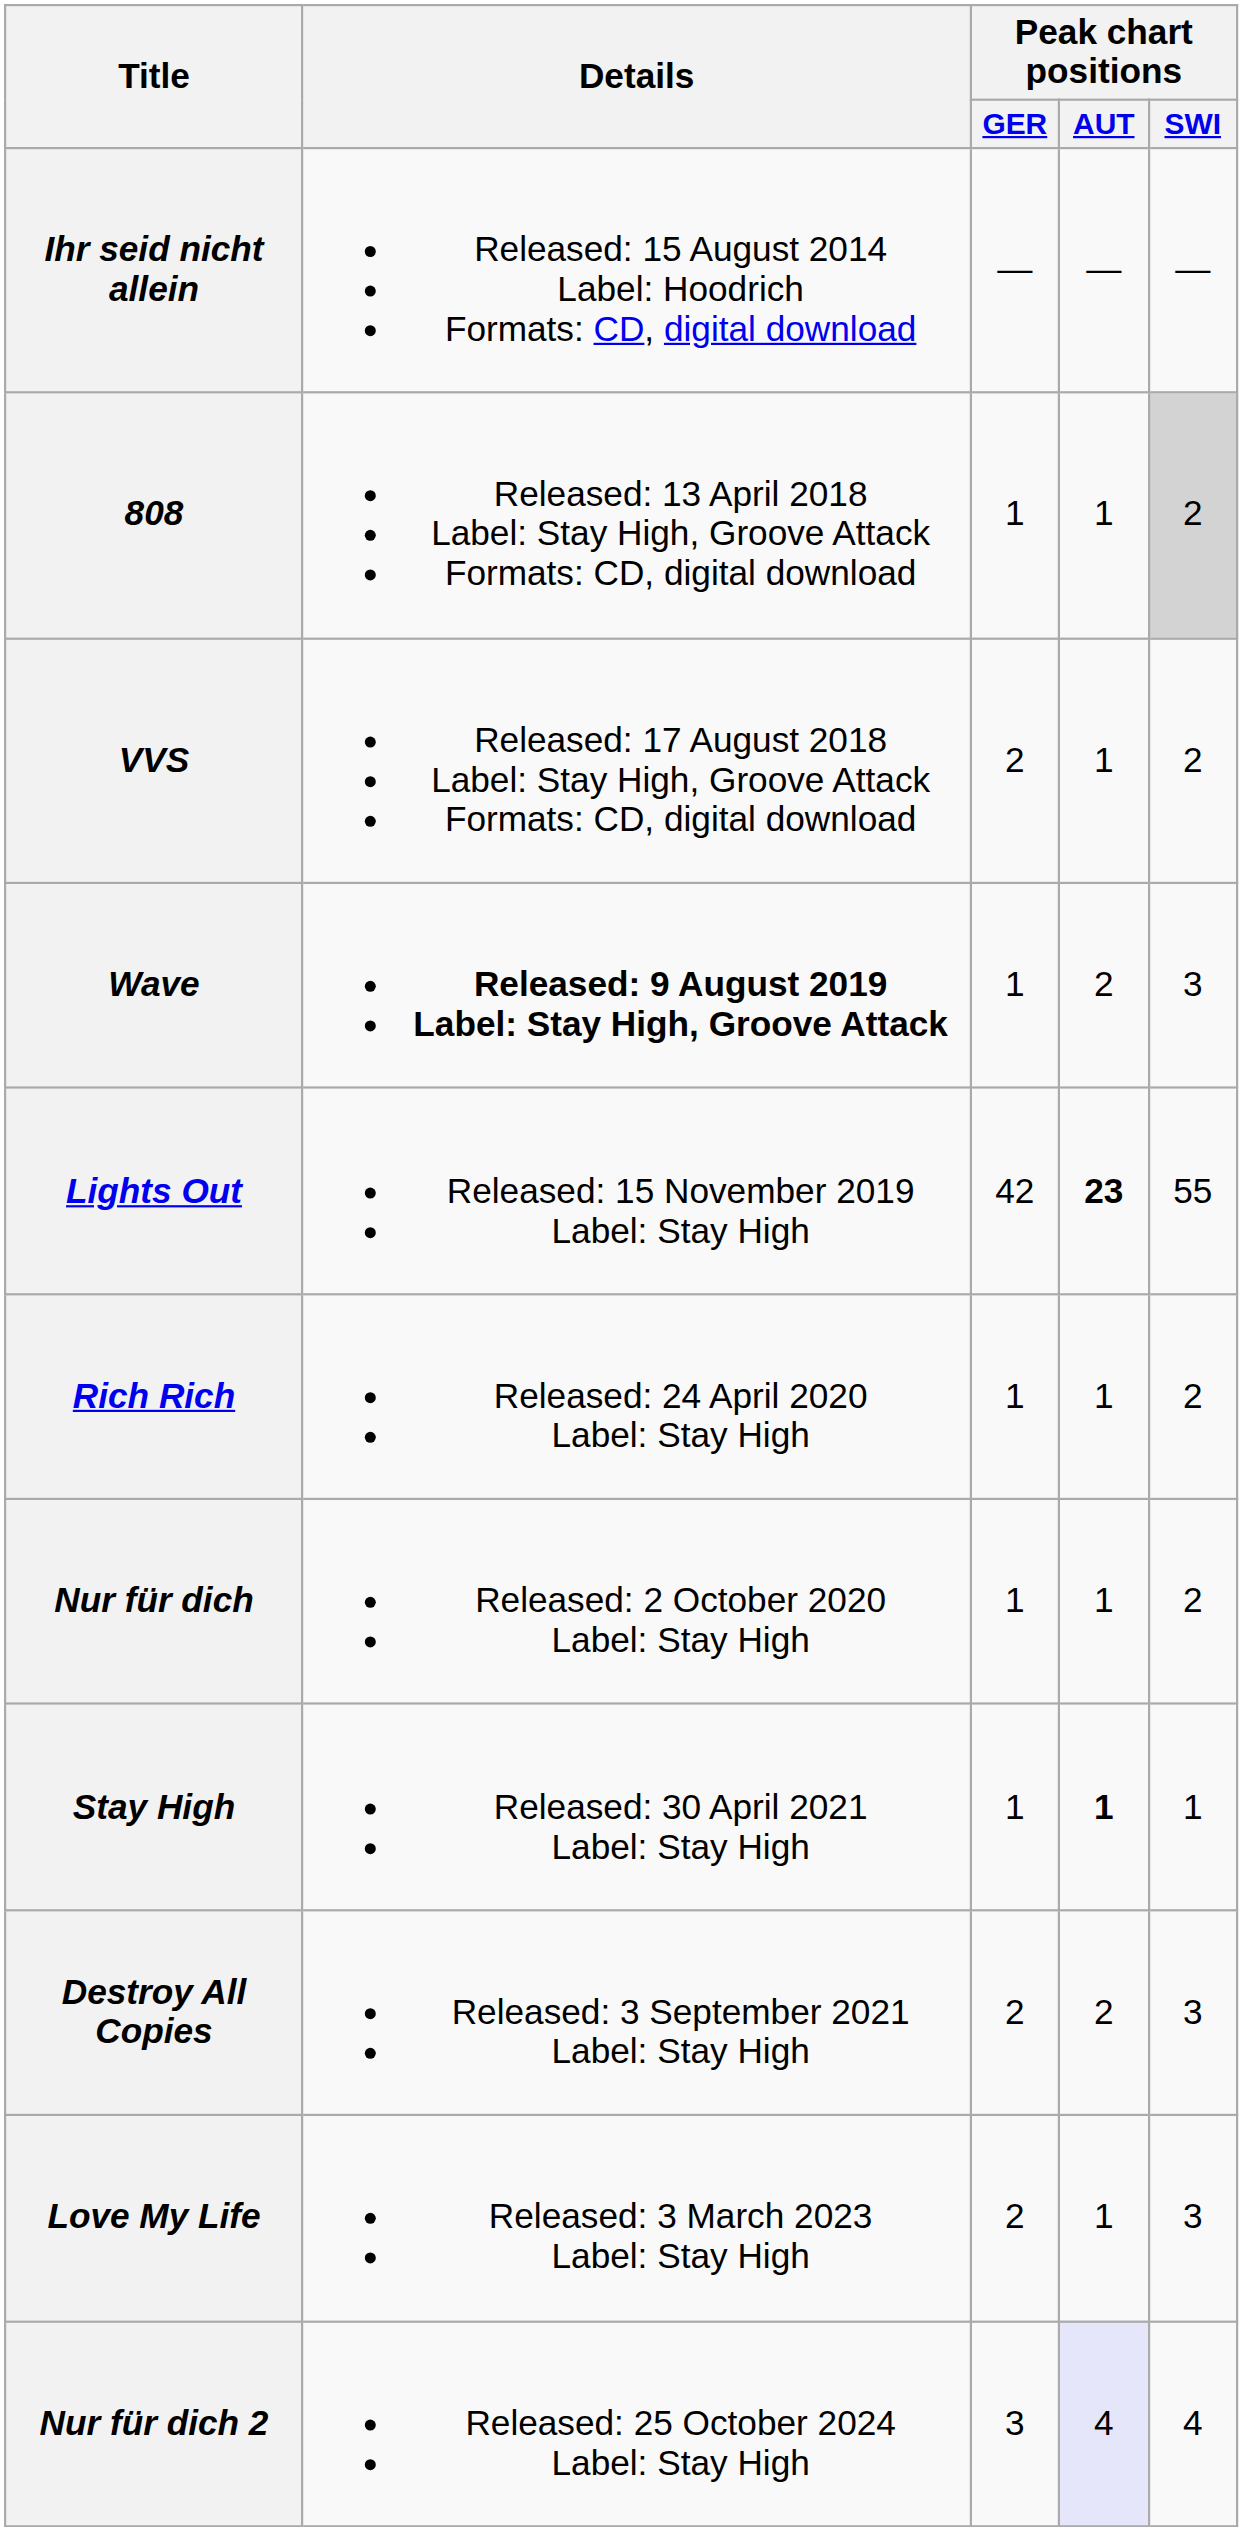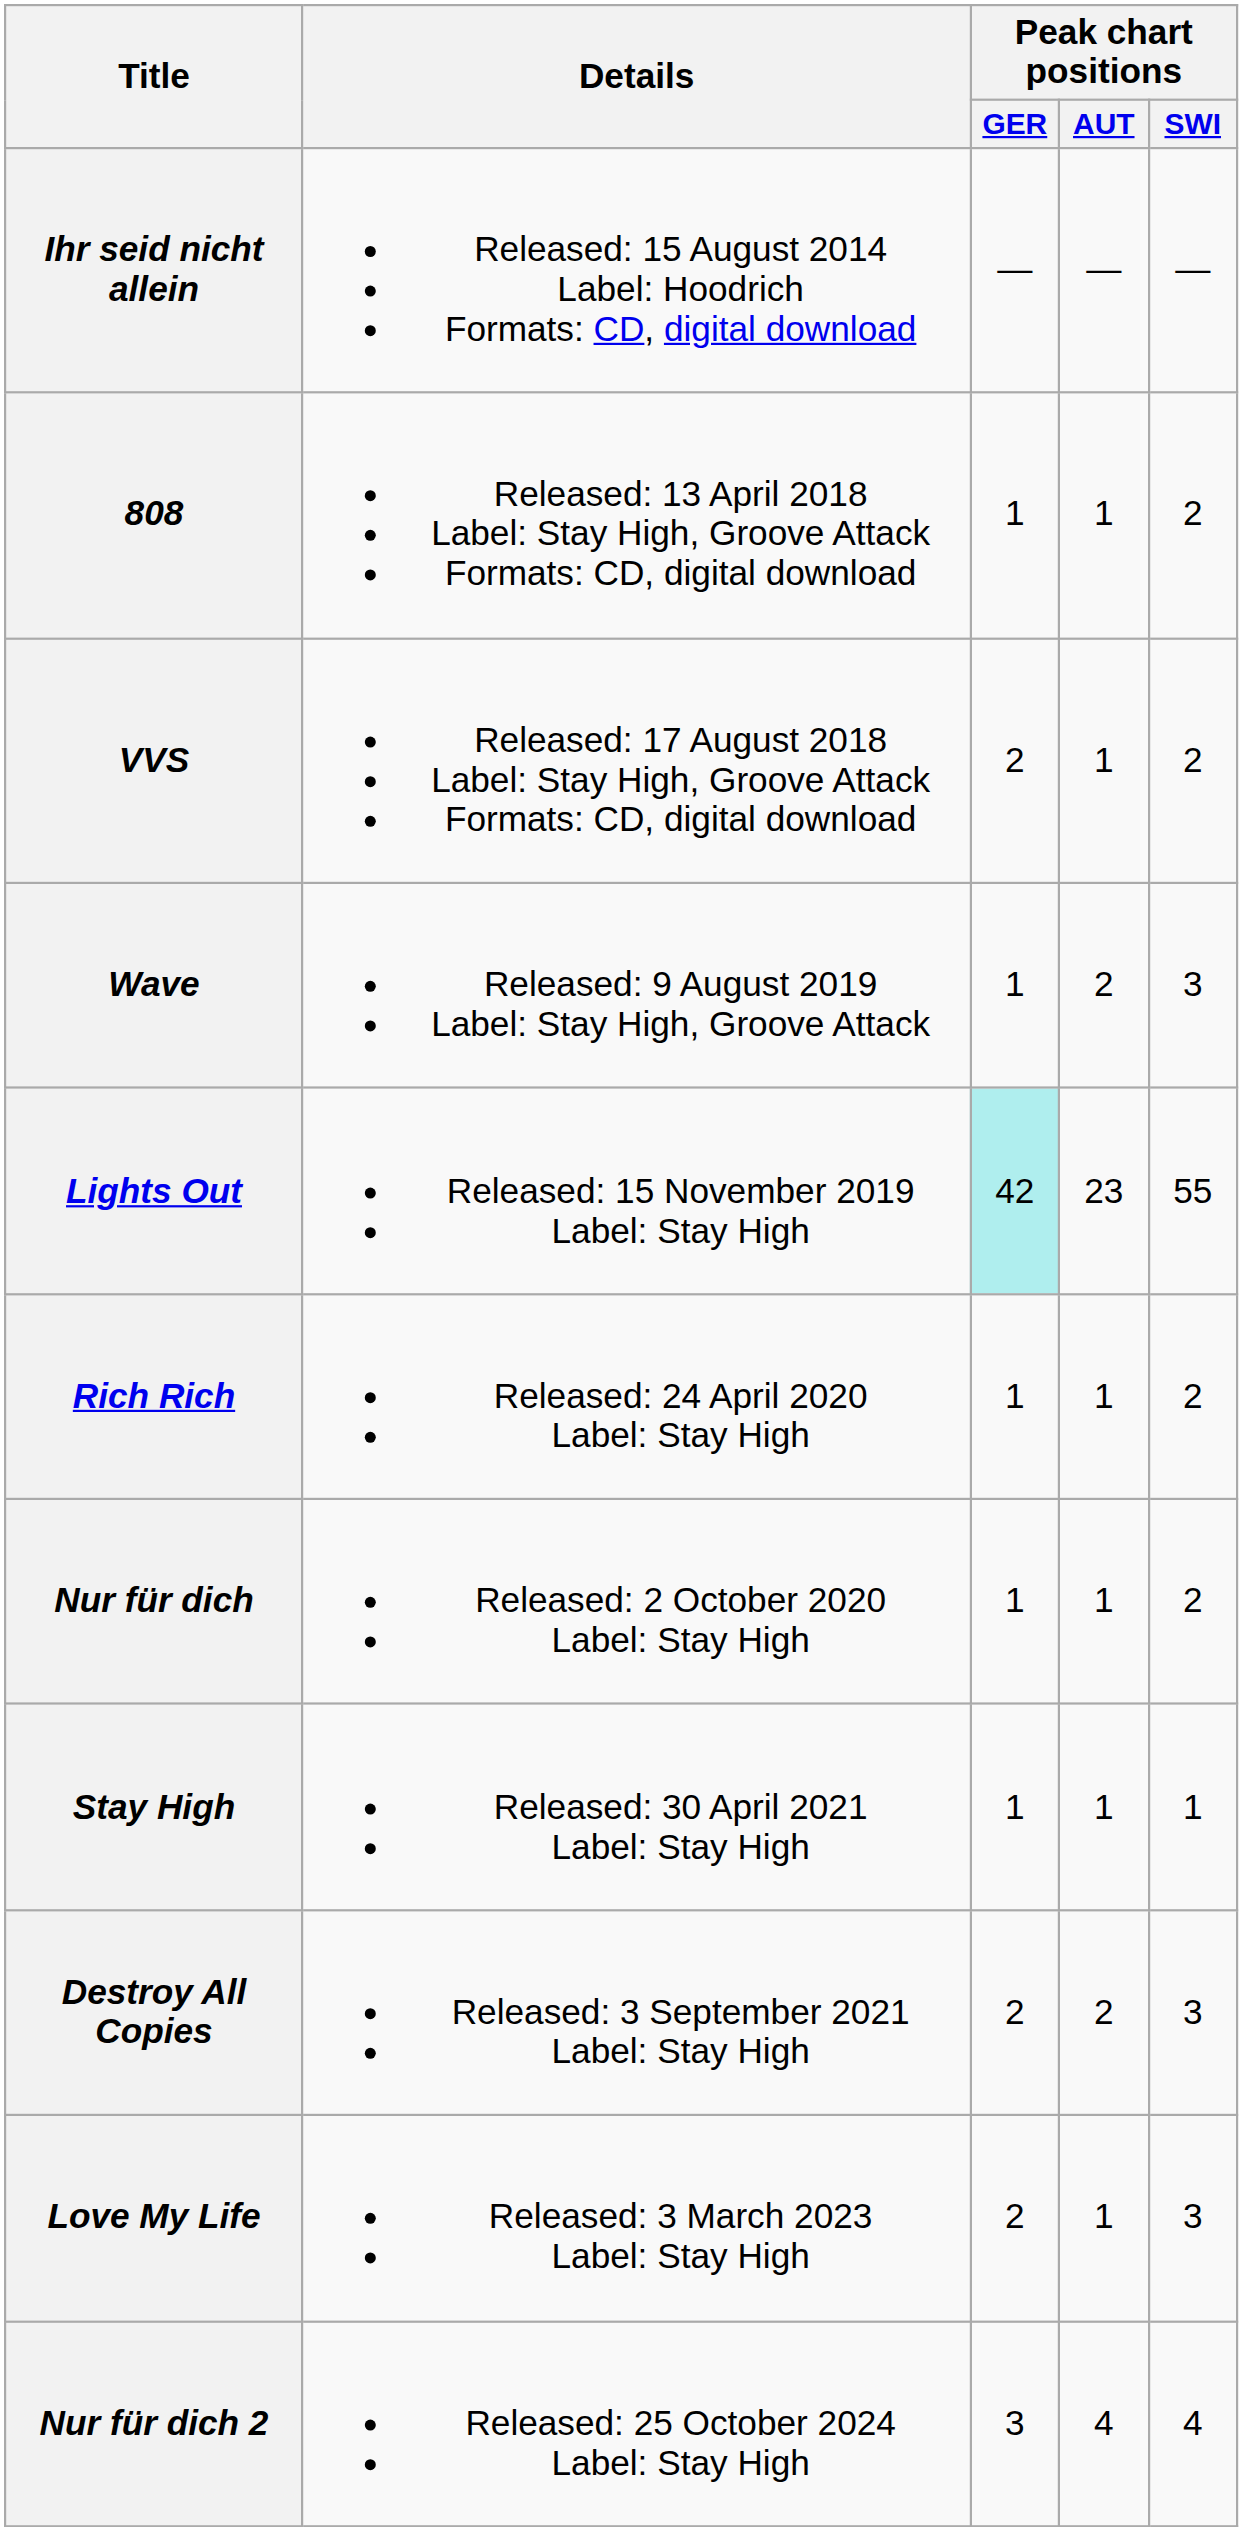 <table class="wikitable plainrowheaders" style="text-align:center;">
 <tr>
 <th scope="col" rowspan="2" style="width:8em;">Title</th>
 <th scope="col" rowspan="2" style="width:18.5em;">Details</th>
 <th scope="col" colspan="3">Peak chart positions</th>
 </tr>
 <tr>
 <th style="width:2.5em; font-size:85%"><a href='#'>GER</a><br></th>
 <th style="width:2.5em; font-size:85%"><a href='#'>AUT</a><br></th>
 <th style="width:2.5em; font-size:85%"><a href='#'>SWI</a><br></th>
 </tr>
 <tr>
 <th scope="row"><em>Ihr seid nicht allein</em></th>
 <td><br><ul><li>Released: 15 August 2014</li><li>Label: Hoodrich</li><li>Formats: <a href='#'>CD</a>, <a href='#'>digital download</a></li></ul></td>
 <td>—</td>
 <td>—</td>
 <td>—</td>
 </tr>
 <tr>
 <th scope="row"><em>808</em></th>
 <td><br><ul><li>Released: 13 April 2018</li><li>Label: Stay High, Groove Attack</li><li>Formats: CD, digital download</li></ul></td>
 <td>1</td>
 <td>1</td>
-<td style="background: lightgrey;">2</td>
+<td>2</td>
 </tr>
 <tr>
 <th scope="row"><em>VVS</em></th>
 <td><br><ul><li>Released: 17 August 2018</li><li>Label: Stay High, Groove Attack</li><li>Formats: CD, digital download</li></ul></td>
 <td>2</td>
 <td>1</td>
 <td>2</td>
 </tr>
 <tr>
 <th scope="row"><em>Wave</em></th>
-<td><strong><br><ul><li>Released: 9 August 2019</li><li>Label: Stay High, Groove Attack</li></ul></strong></td>
+<td><br><ul><li>Released: 9 August 2019</li><li>Label: Stay High, Groove Attack</li></ul></td>
 <td>1</td>
 <td>2</td>
 <td>3</td>
 </tr>
 <tr>
 <th scope="row"><em><a href='#'>Lights Out</a></em><br></th>
 <td><br><ul><li>Released: 15 November 2019</li><li>Label: Stay High</li></ul></td>
-<td>42</td>
-<td><strong>23</strong></td>
+<td style="background: paleturquoise;">42</td>
+<td>23</td>
 <td>55</td>
 </tr>
 <tr>
 <th scope="row"><em><a href='#'>Rich Rich</a></em></th>
 <td><br><ul><li>Released: 24 April 2020</li><li>Label: Stay High</li></ul></td>
 <td>1</td>
 <td>1</td>
 <td>2</td>
 </tr>
 <tr>
 <th scope="row"><em>Nur für dich</em><br></th>
 <td><br><ul><li>Released: 2 October 2020</li><li>Label: Stay High</li></ul></td>
 <td>1</td>
 <td>1</td>
 <td>2</td>
 </tr>
 <tr>
 <th scope="row"><em>Stay High</em></th>
 <td><br><ul><li>Released: 30 April 2021</li><li>Label: Stay High</li></ul></td>
 <td>1</td>
-<td><strong>1</strong></td>
+<td>1</td>
 <td>1</td>
 </tr>
 <tr>
 <th scope="row"><em>Destroy All Copies</em></th>
 <td><br><ul><li>Released: 3 September 2021</li><li>Label: Stay High</li></ul></td>
 <td>2</td>
 <td>2</td>
 <td>3</td>
 </tr>
 <tr>
 <th scope="row"><em>Love My Life</em></th>
 <td><br><ul><li>Released: 3 March 2023</li><li>Label: Stay High</li></ul></td>
 <td>2</td>
 <td>1</td>
 <td>3</td>
 </tr>
 <tr>
 <th scope="row"><em>Nur für dich 2</em></th>
 <td><br><ul><li>Released: 25 October 2024</li><li>Label: Stay High</li></ul></td>
 <td>3</td>
-<td style="background: lavender;">4</td>
+<td>4</td>
 <td>4</td>
 </tr>
 </table>
